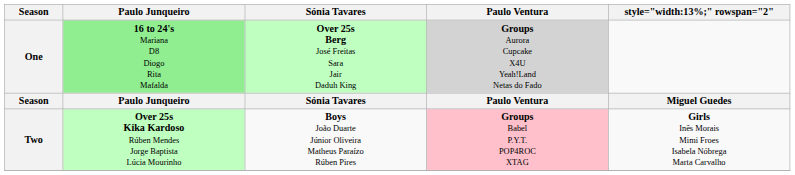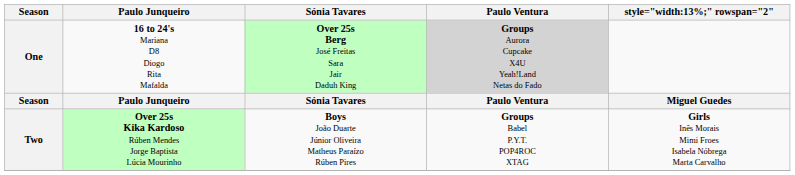 <table class="wikitable" style="text-align:center">
 <tr>
 <th style="width:4%;" scope="col">Season</th>
 <th style="width:13%;" scope="col">Paulo Junqueiro</th>
 <th style="width:13%;" scope="col">Sónia Tavares</th>
 <th style="width:13%;" scope="col">Paulo Ventura</th>
 <th>style="width:13%;" rowspan="2"  </th>
 </tr>
 <tr>
 <th scope="row"><strong>One</strong></th>
-<td style="background: lightgreen;"><strong>16 to 24's</strong><br><small>Mariana<br>D8<br>Diogo<br>Rita<br>Mafalda</small></td>
+<td><strong>16 to 24's</strong><br><small>Mariana<br>D8<br>Diogo<br>Rita<br>Mafalda</small></td>
 <td bgcolor="BFFFC0"><strong>Over 25s</strong><br><strong>Berg</strong><br><small>José Freitas<br>Sara<br>Jair<br>Daduh King</small></td>
 <td style="background: lightgrey;"><strong>Groups</strong><br><small>Aurora<br>Cupcake<br>X4U<br>Yeah!Land<br>Netas do Fado</small></td>
 </tr>
 <tr>
 <th style="width:4%;" scope="col">Season</th>
 <th style="width:13%;" scope="col">Paulo Junqueiro</th>
 <th style="width:13%;" scope="col">Sónia Tavares</th>
 <th style="width:13%;" scope="col">Paulo Ventura</th>
 <th style="width:13%;" scope="col">Miguel Guedes</th>
 </tr>
 <tr>
 <th scope="row"><strong>Two</strong></th>
 <td bgcolor="BFFFC0"><strong>Over 25s</strong><br><strong>Kika Kardoso</strong><br><small>Rúben Mendes<br>Jorge Baptista<br>Lúcia Mourinho</small></td>
 <td><strong>Boys</strong><br><small>João Duarte<br>Júnior Oliveira<br>Matheus Paraízo<br>Rúben Pires </small></td>
-<td style="background: pink;"><strong>Groups</strong><br><small>Babel<br>P.Y.T.<br>POP4ROC<br>XTAG</small></td>
+<td><strong>Groups</strong><br><small>Babel<br>P.Y.T.<br>POP4ROC<br>XTAG</small></td>
 <td><strong>Girls</strong><br><small>Inês Morais<br>Mimi Froes<br>Isabela Nóbrega<br>Marta Carvalho </small></td>
 </tr>
 <tr>
 </tr>
 </table>
